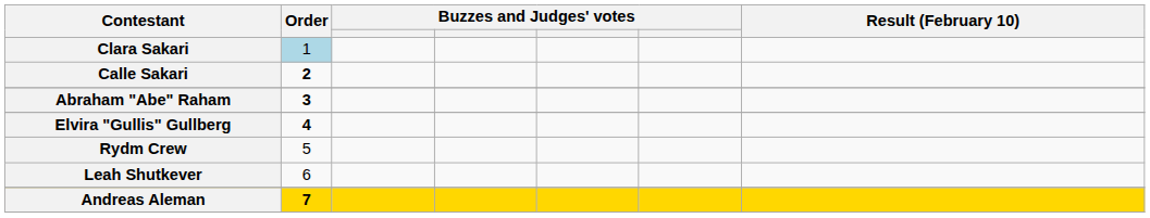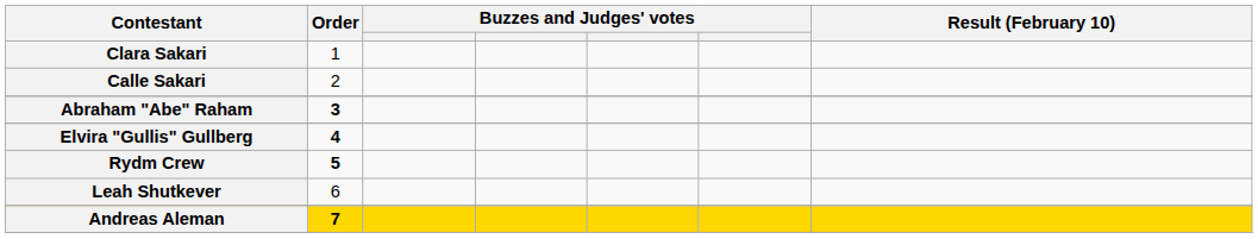 <table class="wikitable plainrowheaders sortable" style="text-align:center;">
 <tr>
 <th scope="col" rowspan="2" class="unsortable" style="width:17em;">Contestant</th>
 <th scope="col" rowspan="2" style="width:1em;">Order</th>
 <th scope="col" colspan="4" class="unsortable" style="width:24em;">Buzzes and Judges' votes</th>
 <th scope="col" rowspan="2" style="width:25em;">Result (February 10)</th>
 </tr>
 <tr>
 <th scope="col" class="unsortable" style="width:6em;"></th>
 <th scope="col" class="unsortable" style="width:6em;"></th>
 <th scope="col" class="unsortable" style="width:6em;"></th>
 <th scope="col" class="unsortable" style="width:6em;"></th>
 </tr>
 <tr>
 <th scope="row">Clara Sakari</th>
-<td style="background: lightblue;">1</td>
+<td>1</td>
 <td style="text-align:center;"></td>
 <td style="text-align:center;"></td>
 <td style="text-align:center;"></td>
 <td style="text-align:center;"></td>
 <td></td>
 </tr>
 <tr>
 <th scope="row">Calle Sakari</th>
-<td><strong>2</strong></td>
+<td>2</td>
 <td style="text-align:center;"></td>
 <td style="text-align:center;"></td>
 <td style="text-align:center;"></td>
 <td style="text-align:center;"></td>
 <td></td>
 </tr>
 <tr>
 </tr>
 <tr -style="background:NavajoWhite">
 <th scope="row"><strong>Abraham "Abe" Raham</strong></th>
 <td><strong>3</strong></td>
 <td style="text-align:center;"></td>
 <td style="text-align:center;"></td>
 <td style="text-align:center;"></td>
 <td style="text-align:center;"></td>
 <td></td>
 </tr>
 <tr>
 </tr>
 <tr -style="background:NavajoWhite">
 <th scope="row"><strong>Elvira "Gullis" Gullberg</strong></th>
 <td><strong>4</strong></td>
 <td style="text-align:center;"></td>
 <td style="text-align:center;"></td>
 <td style="text-align:center;"></td>
 <td style="text-align:center;"></td>
 <td><strong></strong></td>
 </tr>
 <tr>
 <th scope="row">Rydm Crew</th>
-<td>5</td>
+<td><strong>5</strong></td>
 <td style="text-align:center;"></td>
 <td style="text-align:center;"></td>
 <td style="text-align:center;"></td>
 <td style="text-align:center;"></td>
 <td></td>
 </tr>
 <tr>
 <th scope="row">Leah Shutkever</th>
 <td>6</td>
 <td style="text-align:center;"></td>
 <td style="text-align:center;"></td>
 <td style="text-align:center;"></td>
 <td style="text-align:center;"></td>
 <td></td>
 </tr>
 <tr>
 </tr>
 <tr style="background:gold">
 <th scope="row"><strong>Andreas Aleman</strong></th>
 <td><strong>7</strong></td>
 <td style="text-align:center;"></td>
 <td></td>
 <td style="text-align:center;"></td>
 <td style="text-align:center;"></td>
 <td></td>
 </tr>
 <tr>
 </tr>
 </table>
